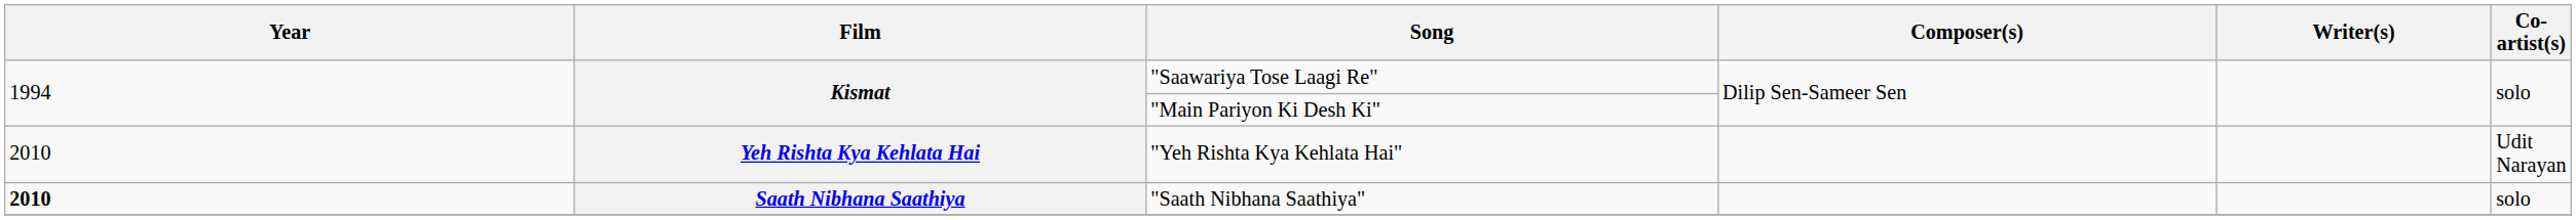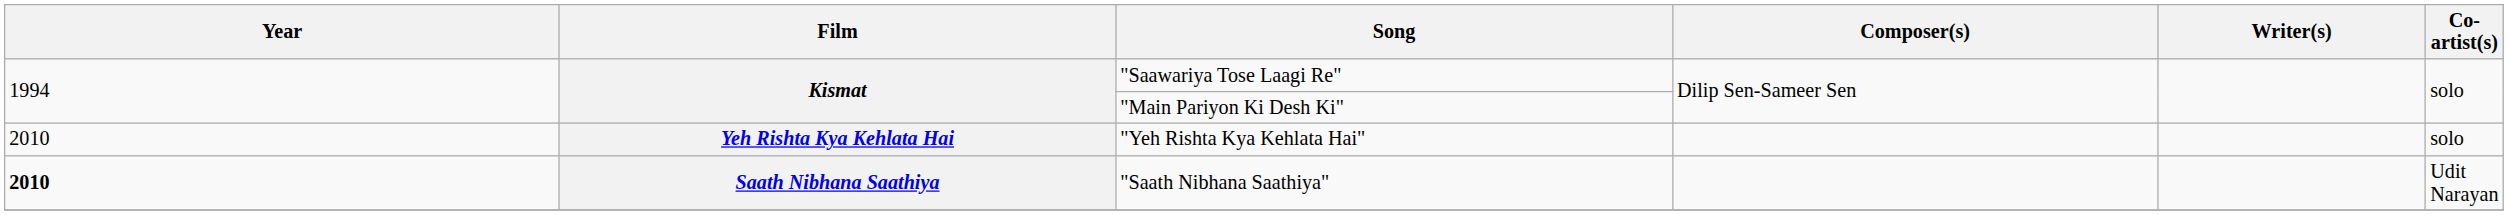 <table class="wikitable plainrowheaders" width="100%" textcolor:#000;">
 <tr style="background:#b0e0e66;">
 <th scope="col" width=23%><strong>Year</strong></th>
 <th scope="col" width=23%><strong>Film</strong></th>
 <th scope="col" width=23%><strong>Song</strong></th>
 <th scope="col" width=20%><strong>Composer(s)</strong></th>
 <th scope="col" width=16%><strong>Writer(s)</strong></th>
 <th scope="col" width=18%><strong>Co-artist(s)</strong></th>
 </tr>
 <tr>
 <td rowspan=2>1994</td>
 <th rowspan=2><em>Kismat</em></th>
 <td>"Saawariya Tose Laagi Re"</td>
 <td rowspan=2>Dilip Sen-Sameer Sen</td>
 <td rowspan=2></td>
 <td rowspan=2>solo</td>
 </tr>
 <tr>
 <td>"Main Pariyon Ki Desh Ki"</td>
 </tr>
 <tr>
 <td>2010</td>
 <th><em><a href='#'>Yeh Rishta Kya Kehlata Hai</a></em></th>
 <td>"Yeh Rishta Kya Kehlata Hai"</td>
 <td></td>
 <td></td>
-<td>Udit Narayan</td>
+<td>solo</td>
 </tr>
 <tr>
 <td><strong>2010</strong></td>
 <th><em><a href='#'>Saath Nibhana Saathiya</a></em></th>
 <td>"Saath Nibhana Saathiya"</td>
 <td></td>
 <td></td>
-<td>solo</td>
+<td>Udit Narayan</td>
 </tr>
 <tr>
 </tr>
 </table>
